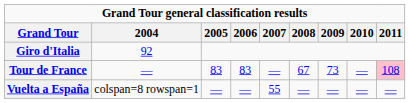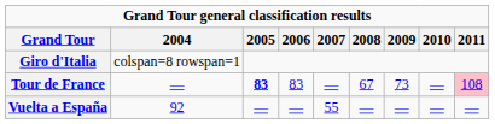 <table class="wikitable plainrowheaders">
 <tr>
 <td colspan=20 align="center"><strong>Grand Tour general classification results</strong></td>
 </tr>
 <tr>
 <th scope="col"><a href='#'>Grand Tour</a></th>
 <th scope="col">2004</th>
 <th scope="col">2005</th>
 <th scope="col">2006</th>
 <th scope="col">2007</th>
 <th scope="col">2008</th>
 <th scope="col">2009</th>
 <th scope="col">2010</th>
 <th scope="col">2011</th>
 </tr>
 <tr style="text-align:center;">
 <th scope="row"> <a href='#'>Giro d'Italia</a></th>
-<td><a href='#'>92</a></td>
+<td>colspan=8 rowspan=1 </td>
 </tr>
 <tr style="text-align:center;">
 <th scope="row"> <a href='#'>Tour de France</a></th>
 <td><a href='#'>—</a></td>
-<td><a href='#'>83</a></td>
+<td><strong><a href='#'>83</a></strong></td>
 <td><a href='#'>83</a></td>
 <td><a href='#'>—</a></td>
 <td><a href='#'>67</a></td>
 <td><a href='#'>73</a></td>
 <td><a href='#'>—</a></td>
 <td style="background: pink;"><a href='#'>108</a></td>
 </tr>
 <tr style="text-align:center;">
 <th scope="row"> <a href='#'>Vuelta a España</a></th>
-<td>colspan=8 rowspan=1 </td>
+<td><a href='#'>92</a></td>
 <td><a href='#'>—</a></td>
 <td><a href='#'>—</a></td>
 <td><a href='#'>55</a></td>
 <td><a href='#'>—</a></td>
 <td><a href='#'>—</a></td>
 <td><a href='#'>—</a></td>
 <td><a href='#'>—</a></td>
 </tr>
 </table>
